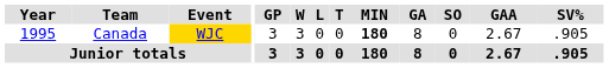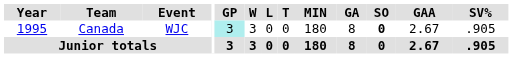 <table border="0" cellpadding="1" cellspacing="0" ID="Table3" style="text-align:center; width:40em">
 <tr ALIGN="center" bgcolor="#e0e0e0">
 <th>Year</th>
 <th>Team</th>
 <th>Event</th>
 <th rowspan="99" bgcolor="#ffffff"></th>
 <th>GP</th>
 <th>W</th>
 <th>L</th>
 <th>T</th>
 <th>MIN</th>
 <th>GA</th>
 <th>SO</th>
 <th>GAA</th>
 <th>SV%</th>
 </tr>
 <tr>
 <td><a href='#'>1995</a></td>
 <td><a href='#'>Canada</a></td>
-<td style="background: gold;"><a href='#'>WJC</a></td>
-<td>3</td>
+<td><a href='#'>WJC</a></td>
+<td style="background: paleturquoise;">3</td>
 <td>3</td>
 <td>0</td>
 <td>0</td>
-<td><strong>180</strong></td>
+<td>180</td>
 <td>8</td>
-<td>0</td>
+<td><strong>0</strong></td>
 <td>2.67</td>
 <td>.905</td>
 </tr>
 <tr bgcolor="#e0e0e0">
 <th colspan="3">Junior totals</th>
 <th>3</th>
 <th>3</th>
 <th>0</th>
 <th>0</th>
 <th>180</th>
 <th>8</th>
 <th>0</th>
 <th>2.67</th>
 <th>.905</th>
 </tr>
 </table>
